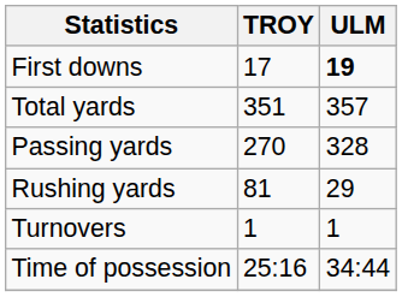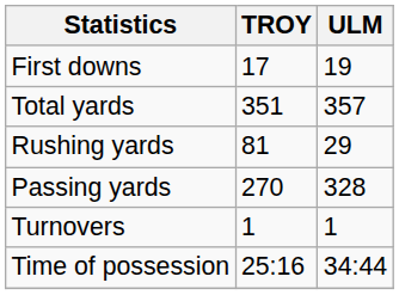 <table class="wikitable">
 <tr>
 <th>Statistics</th>
 <th>TROY</th>
 <th>ULM</th>
 </tr>
 <tr>
 <td>First downs</td>
 <td>17</td>
-<td><strong>19</strong></td>
+<td>19</td>
 </tr>
 <tr>
 <td>Total yards</td>
 <td>351</td>
 <td>357</td>
 </tr>
 <tr>
+<td>Rushing yards</td>
+<td>81</td>
+<td>29</td>
+</tr>
+<tr>
 <td>Passing yards</td>
 <td>270</td>
 <td>328</td>
-</tr>
-<tr>
-<td>Rushing yards</td>
-<td>81</td>
-<td>29</td>
 </tr>
 <tr>
 <td>Turnovers</td>
 <td>1</td>
 <td>1</td>
 </tr>
 <tr>
 <td>Time of possession</td>
 <td>25:16</td>
 <td>34:44</td>
 </tr>
 <tr>
 </tr>
 </table>
